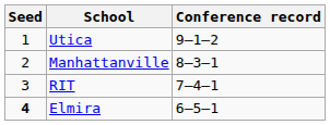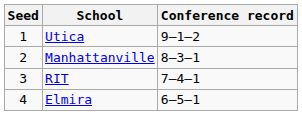 <table class="wikitable">
 <tr>
 <th>Seed</th>
 <th>School</th>
 <th>Conference record</th>
 </tr>
 <tr>
 <td align=center>1</td>
 <td><a href='#'>Utica</a></td>
 <td>9–1–2</td>
 </tr>
 <tr>
 <td align=center>2</td>
 <td><a href='#'>Manhattanville</a></td>
 <td>8–3–1</td>
 </tr>
 <tr>
 <td align=center>3</td>
 <td><a href='#'>RIT</a></td>
 <td>7–4–1</td>
 </tr>
 <tr>
-<td align=center><strong>4</strong></td>
+<td align=center>4</td>
 <td><a href='#'>Elmira</a></td>
 <td>6–5–1</td>
 </tr>
 <tr>
 </tr>
 </table>
